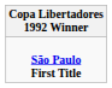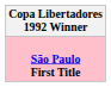 <table class="wikitable" style="text-align: center; margin: 0 auto;">
 <tr>
 <th>Copa Libertadores<br>1992 Winner</th>
 </tr>
 <tr>
-<td><br><strong><a href='#'>São Paulo</a></strong><br><strong>First Title</strong></td>
+<td style="background: pink;"><br><strong><a href='#'>São Paulo</a></strong><br><strong>First Title</strong></td>
 </tr>
 </table>
